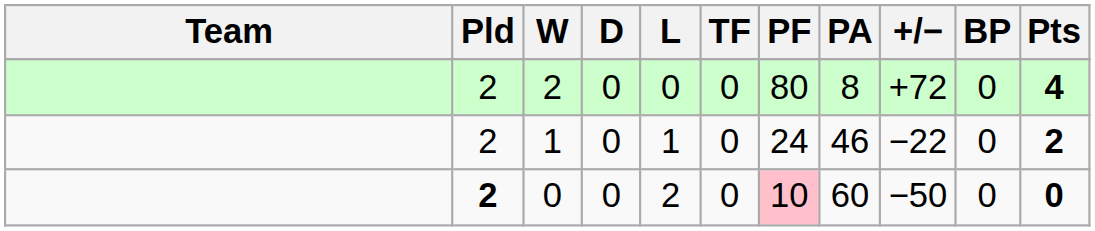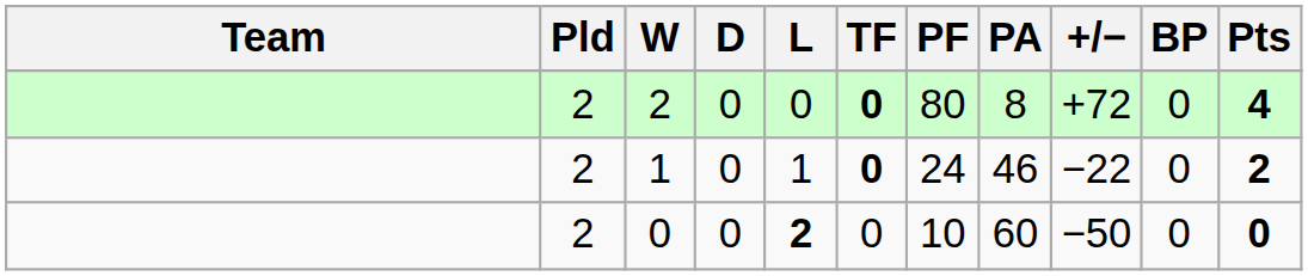 <table class="wikitable" style="text-align:center">
 <tr>
 <th width="200">Team</th>
 <th width="20">Pld</th>
 <th width="20">W</th>
 <th width="20">D</th>
 <th width="20">L</th>
 <th width="20">TF</th>
 <th width="20">PF</th>
 <th width="20">PA</th>
 <th width="25">+/−</th>
 <th width="20">BP</th>
 <th width="20">Pts</th>
 </tr>
 <tr>
 </tr>
 <tr bgcolor=#ccffcc>
 <td align=left></td>
 <td>2</td>
 <td>2</td>
 <td>0</td>
 <td>0</td>
-<td>0</td>
+<td><strong>0</strong></td>
 <td>80</td>
 <td>8</td>
 <td>+72</td>
 <td>0</td>
 <td><strong>4</strong></td>
 </tr>
 <tr>
 <td align=left></td>
 <td>2</td>
 <td>1</td>
 <td>0</td>
 <td>1</td>
-<td>0</td>
+<td><strong>0</strong></td>
 <td>24</td>
 <td>46</td>
 <td>−22</td>
 <td>0</td>
 <td><strong>2</strong></td>
 </tr>
 <tr>
 <td align=left></td>
+<td>2</td>
+<td>0</td>
+<td>0</td>
 <td><strong>2</strong></td>
 <td>0</td>
-<td>0</td>
-<td>2</td>
-<td>0</td>
-<td style="background: pink;">10</td>
+<td>10</td>
 <td>60</td>
 <td>−50</td>
 <td>0</td>
 <td><strong>0</strong></td>
 </tr>
 </table>
